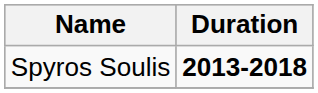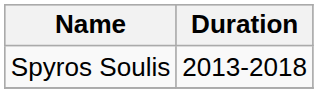 <table class="wikitable">
 <tr>
 <th>Name</th>
 <th>Duration</th>
 </tr>
 <tr>
 <td>Spyros Soulis</td>
-<td><strong>2013-2018</strong></td>
+<td>2013-2018</td>
 </tr>
 <tr>
 </tr>
 </table>
